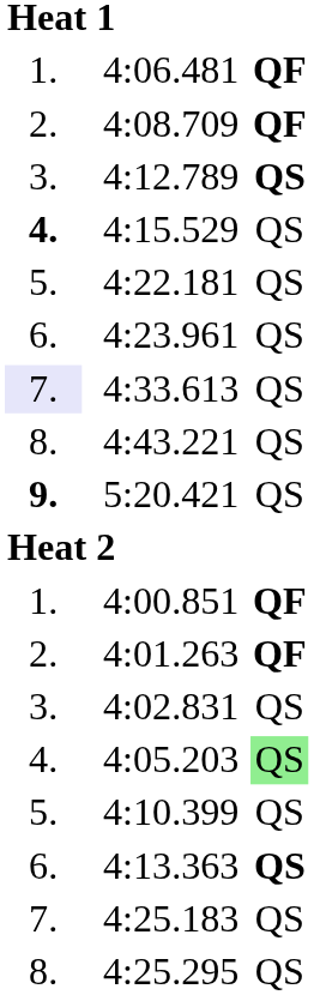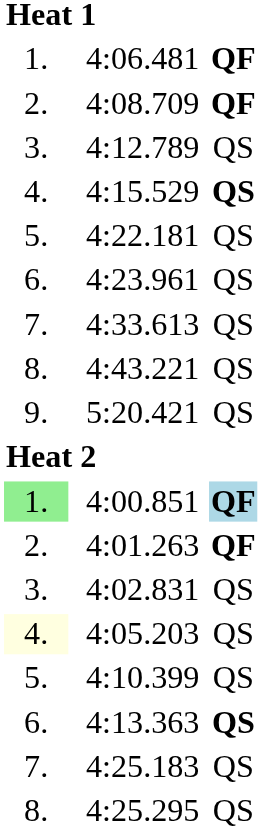 <table style="text-align:center">
 <tr>
 <td colspan=4 align=left><strong>Heat 1</strong></td>
 </tr>
 <tr>
 <td width=30>1.</td>
 <td align=left></td>
 <td width=60>4:06.481</td>
 <td><strong>QF</strong></td>
 </tr>
 <tr>
 <td>2.</td>
 <td align=left></td>
 <td>4:08.709</td>
 <td><strong>QF</strong></td>
 </tr>
 <tr>
 <td>3.</td>
 <td align=left></td>
 <td>4:12.789</td>
-<td><strong>QS</strong></td>
+<td>QS</td>
 </tr>
 <tr>
-<td><strong>4.</strong></td>
+<td>4.</td>
 <td align=left></td>
 <td>4:15.529</td>
-<td>QS</td>
+<td><strong>QS</strong></td>
 </tr>
 <tr>
 <td>5.</td>
 <td align=left></td>
 <td>4:22.181</td>
 <td>QS</td>
 </tr>
 <tr>
 <td>6.</td>
 <td align=left></td>
 <td>4:23.961</td>
 <td>QS</td>
 </tr>
 <tr>
-<td style="background: lavender;">7.</td>
+<td>7.</td>
 <td align=left></td>
 <td>4:33.613</td>
 <td>QS</td>
 </tr>
 <tr>
 <td>8.</td>
 <td align=left></td>
 <td>4:43.221</td>
 <td>QS</td>
 </tr>
 <tr>
-<td><strong>9.</strong></td>
+<td>9.</td>
 <td align=left></td>
 <td>5:20.421</td>
 <td>QS</td>
 </tr>
 <tr>
 <td colspan=4 align=left><strong>Heat 2</strong></td>
 </tr>
 <tr>
-<td>1.</td>
+<td style="background: lightgreen;">1.</td>
 <td align=left></td>
 <td>4:00.851</td>
-<td><strong>QF</strong></td>
+<td style="background: lightblue;"><strong>QF</strong></td>
 </tr>
 <tr>
 <td>2.</td>
 <td align=left></td>
 <td>4:01.263</td>
 <td><strong>QF</strong></td>
 </tr>
 <tr>
 <td>3.</td>
 <td align=left></td>
 <td>4:02.831</td>
 <td>QS</td>
 </tr>
 <tr>
-<td>4.</td>
+<td style="background: lightyellow;">4.</td>
 <td align=left></td>
 <td>4:05.203</td>
-<td style="background: lightgreen;">QS</td>
+<td>QS</td>
 </tr>
 <tr>
 <td>5.</td>
 <td align=left></td>
 <td>4:10.399</td>
 <td>QS</td>
 </tr>
 <tr>
 <td>6.</td>
 <td align=left></td>
 <td>4:13.363</td>
 <td><strong>QS</strong></td>
 </tr>
 <tr>
 <td>7.</td>
 <td align=left></td>
 <td>4:25.183</td>
 <td>QS</td>
 </tr>
 <tr>
 <td>8.</td>
 <td align=left></td>
 <td>4:25.295</td>
 <td>QS</td>
 </tr>
 </table>
